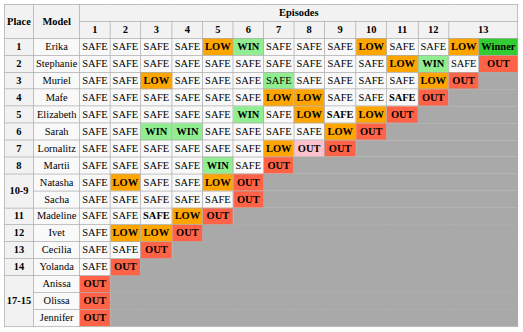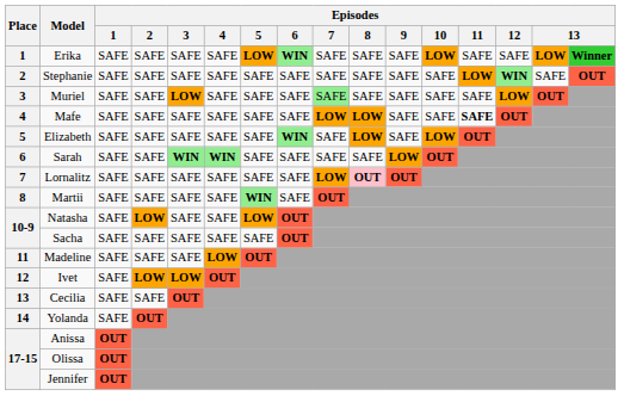 <table class="wikitable" style="text-align:center; font-size:92%">
 <tr>
 <th rowspan="2">Place</th>
 <th rowspan="2">Model</th>
 <th colspan="14">Episodes</th>
 </tr>
 <tr>
 <th>1</th>
 <th>2</th>
 <th>3</th>
 <th>4</th>
 <th>5</th>
 <th>6</th>
 <th>7</th>
 <th>8</th>
 <th>9</th>
 <th>10</th>
 <th>11</th>
 <th>12</th>
 <th colspan=2>13</th>
 </tr>
 <tr>
 <th>1</th>
 <td>Erika</td>
 <td>SAFE</td>
 <td>SAFE</td>
 <td>SAFE</td>
 <td>SAFE</td>
 <td style="background:orange;"><strong>LOW</strong></td>
 <td style="background:lightgreen;"><strong>WIN</strong></td>
 <td>SAFE</td>
 <td>SAFE</td>
 <td>SAFE</td>
 <td style="background:orange;"><strong>LOW</strong></td>
 <td>SAFE</td>
 <td>SAFE</td>
 <td style="background:orange;"><strong>LOW</strong></td>
 <td style="background:limegreen;"><strong>Winner</strong></td>
 </tr>
 <tr>
 <th>2</th>
 <td>Stephanie</td>
 <td>SAFE</td>
 <td>SAFE</td>
 <td>SAFE</td>
 <td>SAFE</td>
 <td>SAFE</td>
 <td>SAFE</td>
 <td>SAFE</td>
 <td>SAFE</td>
 <td>SAFE</td>
 <td>SAFE</td>
 <td style="background:orange;"><strong>LOW</strong></td>
 <td style="background:lightgreen;"><strong>WIN</strong></td>
 <td>SAFE</td>
 <td style="background:tomato;"><strong>OUT</strong></td>
 </tr>
 <tr>
 <th>3</th>
 <td>Muriel</td>
 <td>SAFE</td>
 <td>SAFE</td>
 <td style="background:orange;"><strong>LOW</strong></td>
 <td>SAFE</td>
 <td>SAFE</td>
 <td>SAFE</td>
 <td style="background: lightgreen;">SAFE</td>
 <td>SAFE</td>
 <td>SAFE</td>
 <td>SAFE</td>
 <td>SAFE</td>
 <td style="background:orange;"><strong>LOW</strong></td>
 <td style="background:tomato;"><strong>OUT</strong></td>
 <td style="background:darkgrey;" colspan="12"></td>
 </tr>
 <tr>
 <th>4</th>
 <td>Mafe</td>
 <td>SAFE</td>
 <td>SAFE</td>
 <td>SAFE</td>
 <td>SAFE</td>
 <td>SAFE</td>
 <td>SAFE</td>
 <td style="background:orange;"><strong>LOW</strong></td>
 <td style="background:orange;"><strong>LOW</strong></td>
 <td>SAFE</td>
 <td>SAFE</td>
 <td><strong>SAFE</strong></td>
 <td style="background:tomato;"><strong>OUT</strong></td>
 <td style="background:darkgrey;" colspan="12"></td>
 </tr>
 <tr>
 <th>5</th>
 <td>Elizabeth</td>
 <td>SAFE</td>
 <td>SAFE</td>
 <td>SAFE</td>
 <td>SAFE</td>
 <td>SAFE</td>
 <td style="background:lightgreen;"><strong>WIN</strong></td>
 <td>SAFE</td>
 <td style="background:orange;"><strong>LOW</strong></td>
-<td><strong>SAFE</strong></td>
+<td>SAFE</td>
 <td style="background:orange;"><strong>LOW</strong></td>
 <td style="background:tomato;"><strong>OUT</strong></td>
 <td style="background:darkgrey;" colspan="12"></td>
 </tr>
 <tr>
 <th>6</th>
 <td>Sarah</td>
 <td>SAFE</td>
 <td>SAFE</td>
 <td style="background:lightgreen;"><strong>WIN</strong></td>
 <td style="background:lightgreen;"><strong>WIN</strong></td>
 <td>SAFE</td>
 <td>SAFE</td>
 <td>SAFE</td>
 <td>SAFE</td>
 <td style="background:orange;"><strong>LOW</strong></td>
 <td style="background:tomato;"><strong>OUT</strong></td>
 <td style="background:darkgrey;" colspan="12"></td>
 </tr>
 <tr>
 <th>7</th>
 <td>Lornalitz</td>
 <td>SAFE</td>
 <td>SAFE</td>
 <td>SAFE</td>
 <td>SAFE</td>
 <td>SAFE</td>
 <td>SAFE</td>
 <td style="background:orange;"><strong>LOW</strong></td>
 <td style="background:pink"><strong>OUT</strong></td>
 <td style="background:tomato;"><strong>OUT</strong></td>
 <td style="background:darkgrey;" colspan="12"></td>
 </tr>
 <tr>
 <th>8</th>
 <td>Martii</td>
 <td>SAFE</td>
 <td>SAFE</td>
 <td>SAFE</td>
 <td>SAFE</td>
 <td style="background:lightgreen;"><strong>WIN</strong></td>
 <td>SAFE</td>
 <td style="background:tomato;"><strong>OUT</strong></td>
 <td style="background:darkgrey;" colspan="12"></td>
 </tr>
 <tr>
 <th rowspan="2">10-9</th>
 <td>Natasha</td>
 <td>SAFE</td>
 <td style="background:orange;"><strong>LOW</strong></td>
 <td>SAFE</td>
 <td>SAFE</td>
 <td style="background:orange;"><strong>LOW</strong></td>
 <td style="background:tomato;"><strong>OUT</strong></td>
 <td style="background:darkgrey;" colspan="12"></td>
 </tr>
 <tr>
 <td>Sacha</td>
 <td>SAFE</td>
 <td>SAFE</td>
 <td>SAFE</td>
 <td>SAFE</td>
 <td>SAFE</td>
 <td style="background:tomato;"><strong>OUT</strong></td>
 <td style="background:darkgrey;" colspan="12"></td>
 </tr>
 <tr>
 <th>11</th>
 <td>Madeline</td>
 <td>SAFE</td>
 <td>SAFE</td>
-<td><strong>SAFE</strong></td>
+<td>SAFE</td>
 <td style="background:orange;"><strong>LOW</strong></td>
 <td style="background:tomato;"><strong>OUT</strong></td>
 <td style="background:darkgrey;" colspan="12"></td>
 </tr>
 <tr>
 <th>12</th>
 <td>Ivet</td>
 <td>SAFE</td>
 <td style="background:orange;"><strong>LOW</strong></td>
 <td style="background:orange;"><strong>LOW</strong></td>
 <td style="background:tomato;"><strong>OUT</strong></td>
 <td style="background:darkgrey;" colspan="12"></td>
 </tr>
 <tr>
 <th>13</th>
 <td>Cecilia</td>
 <td>SAFE</td>
 <td>SAFE</td>
 <td style="background:tomato;"><strong>OUT</strong></td>
 <td style="background:darkgrey;" colspan="12"></td>
 </tr>
 <tr>
 <th>14</th>
 <td>Yolanda</td>
 <td>SAFE</td>
 <td style="background:tomato;"><strong>OUT</strong></td>
 <td style="background:darkgrey;" colspan="12"></td>
 </tr>
 <tr>
 <th rowspan="3">17-15</th>
 <td>Anissa</td>
 <td style="background:tomato;"><strong>OUT</strong></td>
 <td style="background:darkgrey;" colspan="13"></td>
 </tr>
 <tr>
 <td>Olissa</td>
 <td style="background:tomato;"><strong>OUT</strong></td>
 <td style="background:darkgrey;" colspan="13"></td>
 </tr>
 <tr>
 <td>Jennifer</td>
 <td style="background:tomato;"><strong>OUT</strong></td>
 <td style="background:darkgrey;" colspan="13"></td>
 </tr>
 </table>
